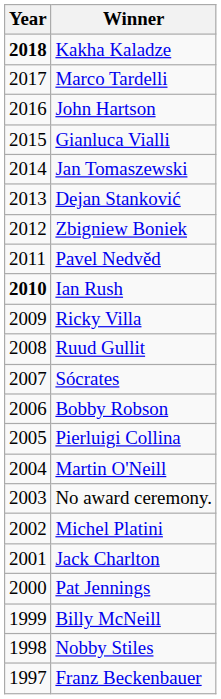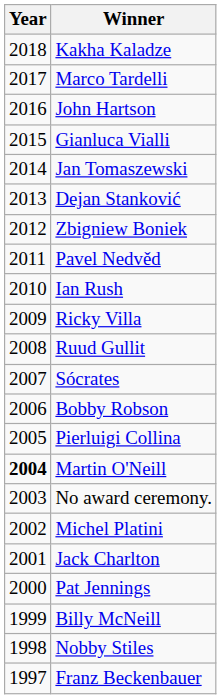 <table class="wikitable">
 <tr>
 <th>Year</th>
 <th>Winner</th>
 </tr>
 <tr>
-<td><strong>2018</strong></td>
+<td>2018</td>
 <td> <a href='#'>Kakha Kaladze</a></td>
 </tr>
 <tr>
 <td>2017</td>
 <td> <a href='#'>Marco Tardelli</a></td>
 </tr>
 <tr>
 <td>2016</td>
 <td> <a href='#'>John Hartson</a></td>
 </tr>
 <tr>
 <td>2015</td>
 <td> <a href='#'>Gianluca Vialli</a></td>
 </tr>
 <tr>
 <td>2014</td>
 <td> <a href='#'>Jan Tomaszewski</a></td>
 </tr>
 <tr>
 <td>2013</td>
 <td> <a href='#'>Dejan Stanković</a></td>
 </tr>
 <tr>
 <td>2012</td>
 <td> <a href='#'>Zbigniew Boniek</a></td>
 </tr>
 <tr>
 <td>2011</td>
 <td> <a href='#'>Pavel Nedvěd</a></td>
 </tr>
 <tr>
-<td><strong>2010</strong></td>
+<td>2010</td>
 <td> <a href='#'>Ian Rush</a></td>
 </tr>
 <tr>
 <td>2009</td>
 <td> <a href='#'>Ricky Villa</a></td>
 </tr>
 <tr>
 <td>2008</td>
 <td> <a href='#'>Ruud Gullit</a></td>
 </tr>
 <tr>
 <td>2007</td>
 <td> <a href='#'>Sócrates</a></td>
 </tr>
 <tr>
 <td>2006</td>
 <td> <a href='#'>Bobby Robson</a></td>
 </tr>
 <tr>
 <td>2005</td>
 <td> <a href='#'>Pierluigi Collina</a></td>
 </tr>
 <tr>
-<td>2004</td>
+<td><strong>2004</strong></td>
 <td> <a href='#'>Martin O'Neill</a></td>
 </tr>
 <tr>
 <td>2003</td>
 <td>No award ceremony.</td>
 </tr>
 <tr>
 <td>2002</td>
 <td> <a href='#'>Michel Platini</a></td>
 </tr>
 <tr>
 <td>2001</td>
 <td> <a href='#'>Jack Charlton</a></td>
 </tr>
 <tr>
 <td>2000</td>
 <td> <a href='#'>Pat Jennings</a></td>
 </tr>
 <tr>
 <td>1999</td>
 <td> <a href='#'>Billy McNeill</a></td>
 </tr>
 <tr>
 <td>1998</td>
 <td> <a href='#'>Nobby Stiles</a></td>
 </tr>
 <tr>
 <td>1997</td>
 <td> <a href='#'>Franz Beckenbauer</a></td>
 </tr>
 </table>
